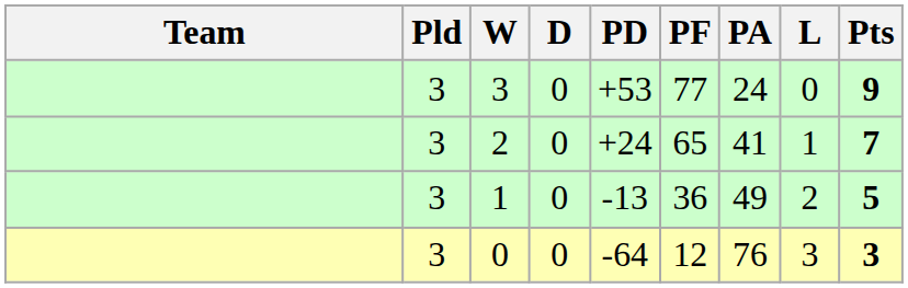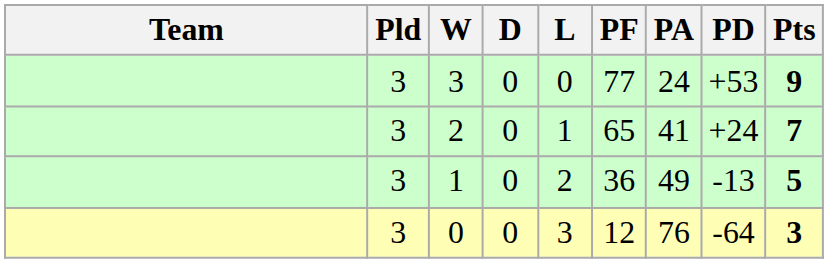 <table class="wikitable" style="text-align:center;">
 <tr>
 <th width=175>Team</th>
 <th width=20 abbr="Played">Pld</th>
 <th width=20 abbr="Won">W</th>
 <th width=20 abbr="Drawn">D</th>
-<th width=25 abbr="Points difference">PD</th>
+<th width=20 abbr="Lost">L</th>
 <th width=20 abbr="Points for">PF</th>
 <th width=20 abbr="Points against">PA</th>
-<th width=20 abbr="Lost">L</th>
+<th width=25 abbr="Points difference">PD</th>
 <th width=20 abbr="Points">Pts</th>
 </tr>
 <tr style="background:#ccffcc">
 <td align=left></td>
 <td>3</td>
 <td>3</td>
 <td>0</td>
-<td>+53</td>
+<td>0</td>
 <td>77</td>
 <td>24</td>
-<td>0</td>
+<td>+53</td>
 <td><strong>9</strong></td>
 </tr>
 <tr style="background:#ccffcc">
 <td align=left></td>
 <td>3</td>
 <td>2</td>
 <td>0</td>
-<td>+24</td>
+<td>1</td>
 <td>65</td>
 <td>41</td>
-<td>1</td>
+<td>+24</td>
 <td><strong>7</strong></td>
 </tr>
 <tr style="background:#ccffcc">
 <td align=left></td>
 <td>3</td>
 <td>1</td>
 <td>0</td>
-<td>-13</td>
+<td>2</td>
 <td>36</td>
 <td>49</td>
-<td>2</td>
+<td>-13</td>
 <td><strong>5</strong></td>
 </tr>
 <tr style="background:#feffb4">
 <td align=left></td>
 <td>3</td>
 <td>0</td>
 <td>0</td>
-<td>-64</td>
+<td>3</td>
 <td>12</td>
 <td>76</td>
-<td>3</td>
+<td>-64</td>
 <td><strong>3</strong></td>
 </tr>
 </table>
